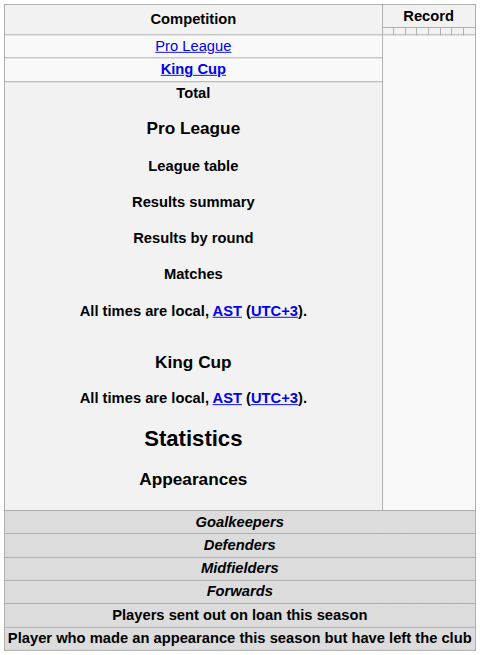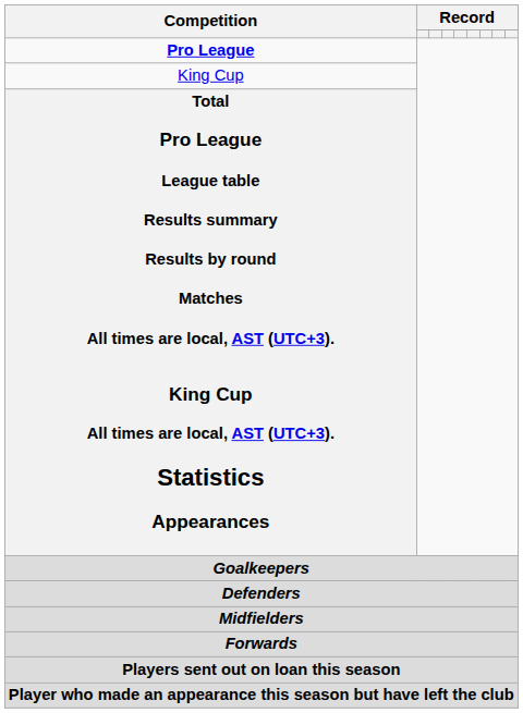 <table class="wikitable" style="text-align: center">
 <tr>
 <th rowspan=2>Competition</th>
 <th colspan=8>Record</th>
 </tr>
 <tr>
 <th></th>
 <th></th>
 <th></th>
 <th></th>
 <th></th>
 <th></th>
 <th></th>
 <th></th>
 </tr>
 <tr>
-<td><a href='#'>Pro League</a><br></td>
+<td><strong><a href='#'>Pro League</a><br></strong></td>
 </tr>
 <tr>
-<td><strong><a href='#'>King Cup</a><br></strong></td>
+<td><a href='#'>King Cup</a><br></td>
 </tr>
 <tr>
 <th>Total<br> <h3>Pro League</h3><h4>League table</h4><h4>Results summary</h4> <h4>Results by round</h4><h4>Matches</h4>All times are local, <a href='#'>AST</a> (<a href='#'>UTC+3</a>).<br>   <br>                             <h3>King Cup</h3> All times are local, <a href='#'>AST</a> (<a href='#'>UTC+3</a>).<br> <h2>Statistics</h2><h3>Appearances</h3></th>
 </tr>
 <tr>
 <th colspan=14 style=background:#dcdcdc; text-align:center><em>Goalkeepers</em><br>   </th>
 </tr>
 <tr>
 <th colspan=14 style=background:#dcdcdc; text-align:center><em>Defenders</em><br>        </th>
 </tr>
 <tr>
 <th colspan=14 style=background:#dcdcdc; text-align:center><em>Midfielders</em><br>              </th>
 </tr>
 <tr>
 <th colspan=14 style=background:#dcdcdc; text-align:center><em>Forwards</em><br>   </th>
 </tr>
 <tr>
 <th colspan=16 style=background:#dcdcdc; text-align:center>Players sent out on loan this season<br> </th>
 </tr>
 <tr>
 <th colspan=18 style=background:#dcdcdc; text-align:center>Player who made an appearance this season but have left the club<br> </th>
 </tr>
 </table>
